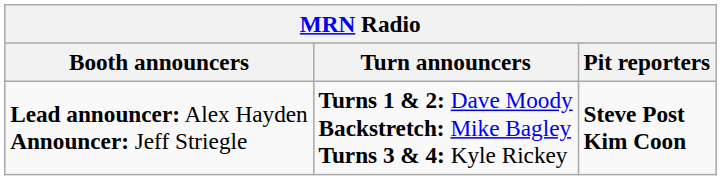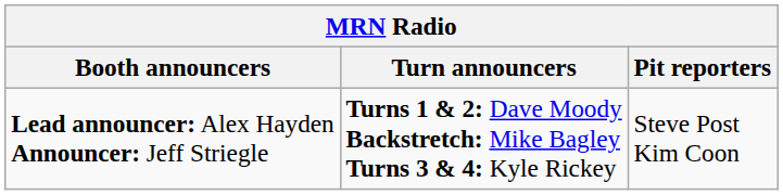 <table class="wikitable" style="font-size: 95%">
 <tr>
 <th colspan="3"><a href='#'>MRN</a> Radio</th>
 </tr>
 <tr>
 <th>Booth announcers</th>
 <th>Turn announcers</th>
 <th>Pit reporters</th>
 </tr>
 <tr>
 <td><strong>Lead announcer:</strong> Alex Hayden<br><strong>Announcer:</strong> Jeff Striegle</td>
 <td><strong>Turns 1 & 2:</strong> <a href='#'>Dave Moody</a><br><strong>Backstretch:</strong> <a href='#'>Mike Bagley</a><br><strong>Turns 3 & 4:</strong> Kyle Rickey</td>
-<td><strong>Steve Post<br>Kim Coon</strong></td>
+<td>Steve Post<br>Kim Coon</td>
 </tr>
 </table>
